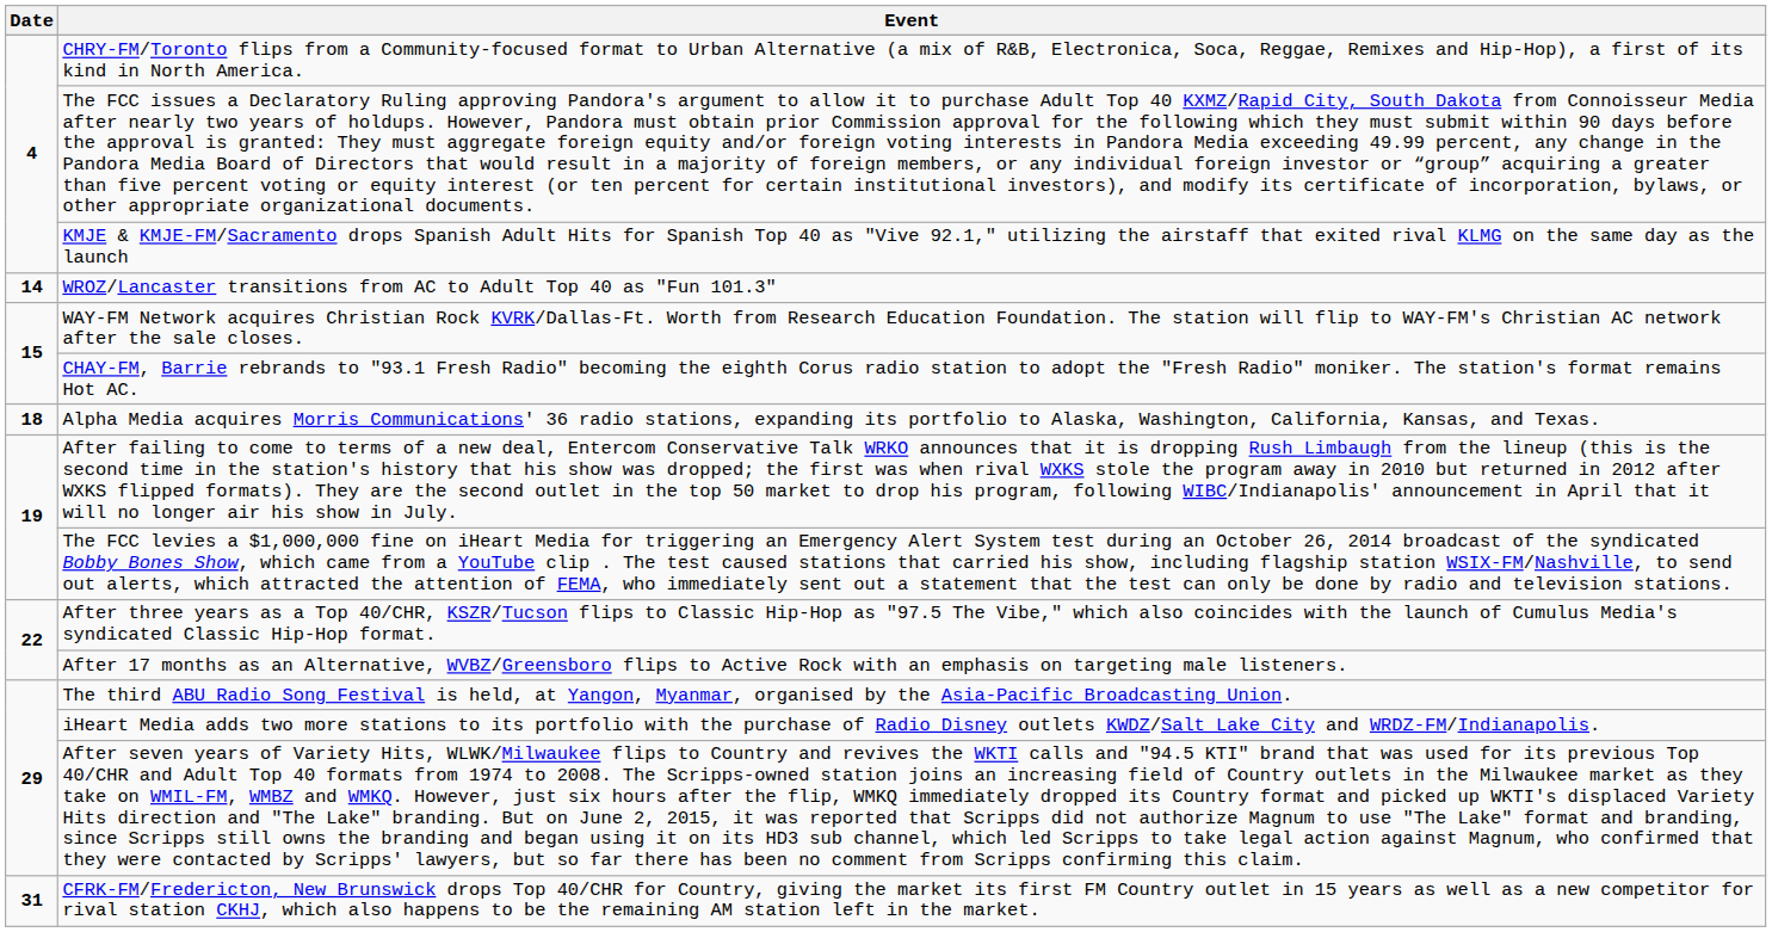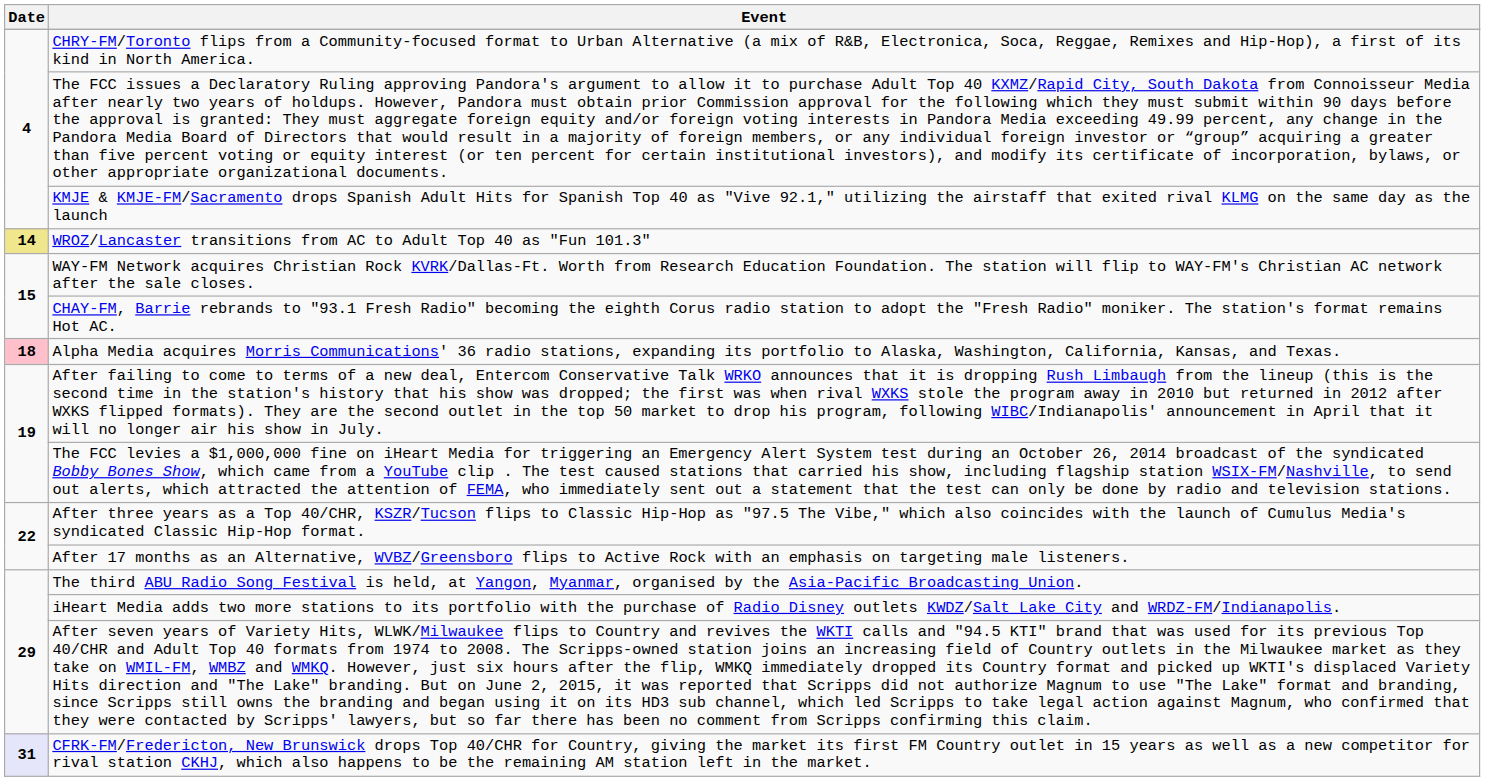 <table class="wikitable">
 <tr>
 <th>Date</th>
 <th>Event</th>
 </tr>
 <tr>
 </tr>
 <tr>
 <td style="text-align:center" rowspan=3><strong>4</strong></td>
 <td><a href='#'>CHRY-FM</a>/<a href='#'>Toronto</a> flips from a Community-focused format to Urban Alternative (a mix of R&B, Electronica, Soca, Reggae, Remixes and Hip-Hop), a first of its kind in North America.</td>
 </tr>
 <tr>
 <td>The FCC issues a Declaratory Ruling approving Pandora's argument to allow it to purchase Adult Top 40 <a href='#'>KXMZ</a>/<a href='#'>Rapid City, South Dakota</a> from Connoisseur Media after nearly two years of holdups. However, Pandora must obtain prior Commission approval for the following which they must submit within 90 days before the approval is granted: They must aggregate foreign equity and/or foreign voting interests in Pandora Media exceeding 49.99 percent, any change in the Pandora Media Board of Directors that would result in a majority of foreign members, or any individual foreign investor or “group” acquiring a greater than five percent voting or equity interest (or ten percent for certain institutional investors), and modify its certificate of incorporation, bylaws, or other appropriate organizational documents.</td>
 </tr>
 <tr>
 <td><a href='#'>KMJE</a>  & <a href='#'>KMJE-FM</a>/<a href='#'>Sacramento</a> drops Spanish Adult Hits for Spanish Top 40 as "Vive 92.1," utilizing the airstaff that exited rival <a href='#'>KLMG</a> on the same day as the launch</td>
 </tr>
 <tr>
-<td style="text-align:center"><strong>14</strong></td>
+<td style="background: khaki; text-align:center"><strong>14</strong></td>
 <td><a href='#'>WROZ</a>/<a href='#'>Lancaster</a> transitions from AC to Adult Top 40 as "Fun 101.3"</td>
 </tr>
 <tr>
 <td style="text-align:center" rowspan=2><strong>15</strong></td>
 <td>WAY-FM Network acquires Christian Rock <a href='#'>KVRK</a>/Dallas-Ft. Worth from Research Education Foundation. The station will flip to WAY-FM's Christian AC network after the sale closes.</td>
 </tr>
 <tr>
 <td><a href='#'>CHAY-FM</a>, <a href='#'>Barrie</a> rebrands to "93.1 Fresh Radio" becoming the eighth Corus radio station to adopt the "Fresh Radio" moniker. The station's format remains Hot AC.</td>
 </tr>
 <tr>
-<td style="text-align:center"><strong>18</strong></td>
+<td style="background: pink; text-align:center"><strong>18</strong></td>
 <td>Alpha Media acquires <a href='#'>Morris Communications</a>' 36 radio stations, expanding its portfolio to Alaska, Washington, California, Kansas, and Texas.</td>
 </tr>
 <tr>
 <td style="text-align:center" rowspan=2><strong>19</strong></td>
 <td>After failing to come to terms of a new deal, Entercom Conservative Talk <a href='#'>WRKO</a> announces that it is dropping <a href='#'>Rush Limbaugh</a> from the lineup (this is the second time in the station's history that his show was dropped; the first was when rival <a href='#'>WXKS</a> stole the program away in 2010 but returned in 2012 after WXKS flipped formats). They are the second outlet in the top 50 market to drop his program, following <a href='#'>WIBC</a>/Indianapolis' announcement in April that it will no longer air his show in July.</td>
 </tr>
 <tr>
 <td>The FCC levies a $1,000,000 fine on iHeart Media for triggering an Emergency Alert System test during an October 26, 2014 broadcast of the syndicated <em><a href='#'>Bobby Bones Show</a></em>, which came from a <a href='#'>YouTube</a> clip . The test caused stations that carried his show, including flagship station <a href='#'>WSIX-FM</a>/<a href='#'>Nashville</a>, to send out alerts, which attracted the attention of <a href='#'>FEMA</a>, who immediately sent out a statement that the test can only be done by radio and television stations.</td>
 </tr>
 <tr>
 <td style="text-align:center" rowspan=2><strong>22</strong></td>
 <td>After three years as a Top 40/CHR, <a href='#'>KSZR</a>/<a href='#'>Tucson</a> flips to Classic Hip-Hop as "97.5 The Vibe," which also coincides with the launch of Cumulus Media's syndicated Classic Hip-Hop format.</td>
 </tr>
 <tr>
 <td>After 17 months as an Alternative, <a href='#'>WVBZ</a>/<a href='#'>Greensboro</a> flips to Active Rock with an emphasis on targeting male listeners.</td>
 </tr>
 <tr>
 <td style="text-align:center" rowspan=3><strong>29</strong></td>
 <td>The third <a href='#'>ABU Radio Song Festival</a> is held, at <a href='#'>Yangon</a>, <a href='#'>Myanmar</a>, organised by the <a href='#'>Asia-Pacific Broadcasting Union</a>.</td>
 </tr>
 <tr>
 <td>iHeart Media adds two more stations to its portfolio with the purchase of <a href='#'>Radio Disney</a> outlets <a href='#'>KWDZ</a>/<a href='#'>Salt Lake City</a> and <a href='#'>WRDZ-FM</a>/<a href='#'>Indianapolis</a>.</td>
 </tr>
 <tr>
 <td>After seven years of Variety Hits, WLWK/<a href='#'>Milwaukee</a> flips to Country and revives the <a href='#'>WKTI</a> calls and "94.5 KTI" brand that was used for its previous Top 40/CHR and Adult Top 40 formats from 1974 to 2008. The Scripps-owned station joins an increasing field of Country outlets in the Milwaukee market as they take on <a href='#'>WMIL-FM</a>, <a href='#'>WMBZ</a> and <a href='#'>WMKQ</a>. However, just six hours after the flip, WMKQ immediately dropped its Country format and picked up WKTI's displaced Variety Hits direction and "The Lake" branding. But on June 2, 2015, it was reported that Scripps did not authorize Magnum to use "The Lake" format and branding, since Scripps still owns the branding and began using it on its HD3 sub channel, which led Scripps to take legal action against Magnum, who confirmed that they were contacted by Scripps' lawyers, but so far there has been no comment from Scripps confirming this claim.</td>
 </tr>
 <tr>
-<td style="text-align:center"><strong>31</strong></td>
+<td style="background: lavender; text-align:center"><strong>31</strong></td>
 <td><a href='#'>CFRK-FM</a>/<a href='#'>Fredericton, New Brunswick</a> drops Top 40/CHR for Country, giving the market its first FM Country outlet in 15 years as well as a new competitor for rival station <a href='#'>CKHJ</a>, which also happens to be the remaining AM station left in the market.</td>
 </tr>
 </table>
